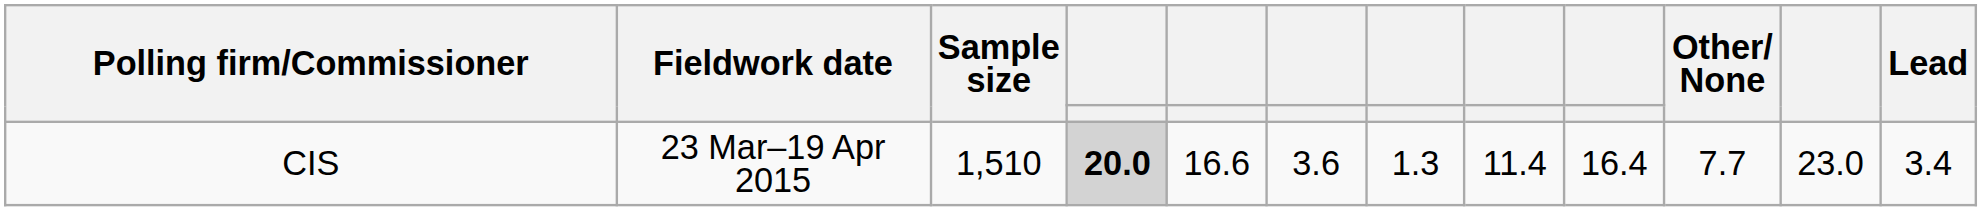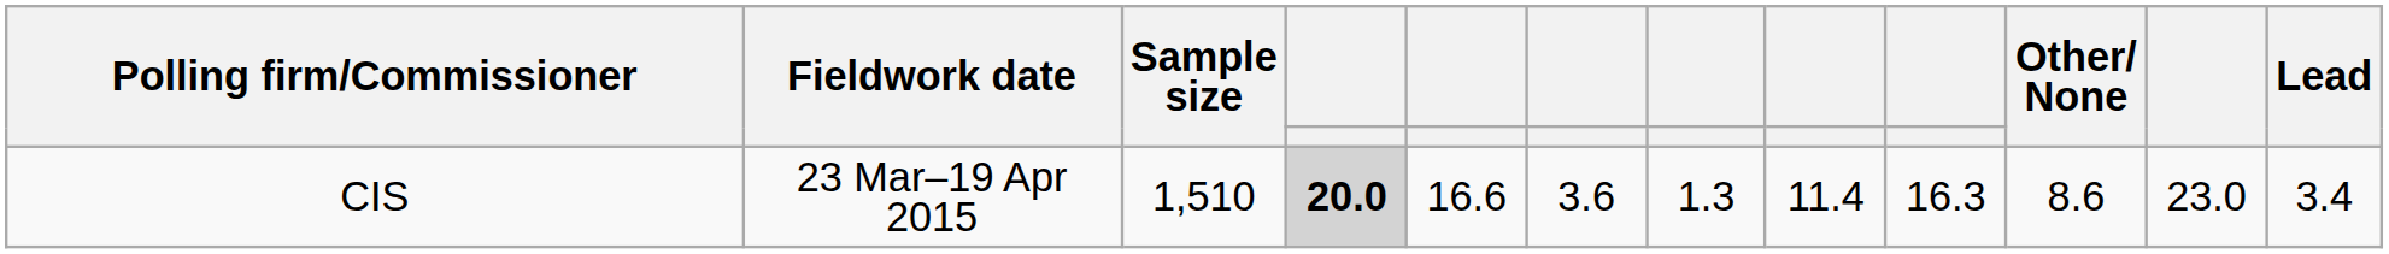 <table class="wikitable collapsible collapsed" style="text-align:center; font-size:90%; line-height:14px;">
 <tr style="height:42px;">
 <th style="width:250px;" rowspan="2">Polling firm/Commissioner</th>
 <th style="width:125px;" rowspan="2">Fieldwork date</th>
 <th style="width:50px;" rowspan="2">Sample size</th>
 <th style="width:35px;"></th>
 <th style="width:35px;"></th>
 <th style="width:35px;"></th>
 <th style="width:35px;"></th>
 <th style="width:35px;"></th>
 <th style="width:35px;"></th>
 <th style="width:35px;" rowspan="2">Other/<br>None</th>
 <th style="width:35px;" rowspan="2"></th>
 <th style="width:30px;" rowspan="2">Lead</th>
 </tr>
 <tr>
 <th style="color:inherit;background:"></th>
 <th style="color:inherit;background:"></th>
 <th style="color:inherit;background:"></th>
 <th style="color:inherit;background:"></th>
 <th style="color:inherit;background:"></th>
 <th style="color:inherit;background:"></th>
 </tr>
 <tr>
 <td>CIS</td>
 <td>23 Mar–19 Apr 2015</td>
 <td>1,510</td>
 <td style="background: lightgrey;"><strong>20.0</strong></td>
 <td>16.6</td>
 <td>3.6</td>
 <td>1.3</td>
 <td>11.4</td>
-<td>16.4</td>
-<td>7.7</td>
+<td>16.3</td>
+<td>8.6</td>
 <td>23.0</td>
 <td style="background:">3.4</td>
 </tr>
 </table>
